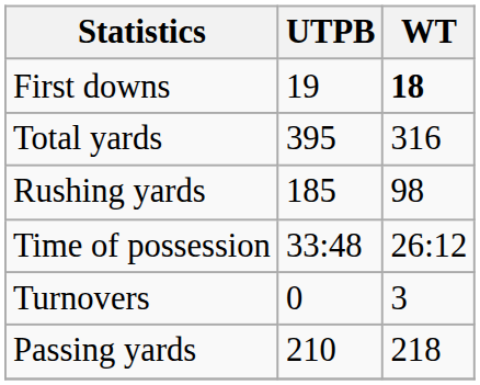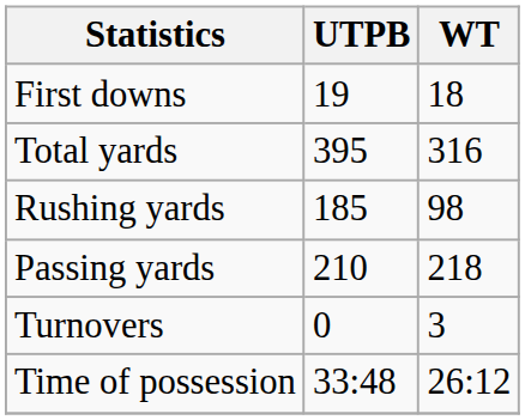 <table class="wikitable" style="float: left;">
 <tr>
 <th>Statistics</th>
 <th>UTPB</th>
 <th>WT</th>
 </tr>
 <tr>
 <td>First downs</td>
 <td>19</td>
-<td><strong>18</strong></td>
+<td>18</td>
 </tr>
 <tr>
 <td>Total yards</td>
 <td>395</td>
 <td>316</td>
 </tr>
 <tr>
 <td>Rushing yards</td>
 <td>185</td>
 <td>98</td>
 </tr>
 <tr>
-<td>Time of possession</td>
-<td>33:48</td>
-<td>26:12</td>
+<td>Passing yards</td>
+<td>210</td>
+<td>218</td>
 </tr>
 <tr>
 <td>Turnovers</td>
 <td>0</td>
 <td>3</td>
 </tr>
 <tr>
-<td>Passing yards</td>
-<td>210</td>
-<td>218</td>
+<td>Time of possession</td>
+<td>33:48</td>
+<td>26:12</td>
 </tr>
 <tr>
 </tr>
 </table>
